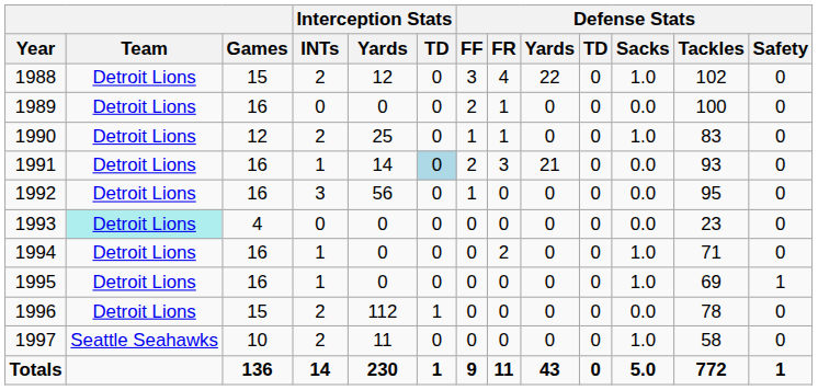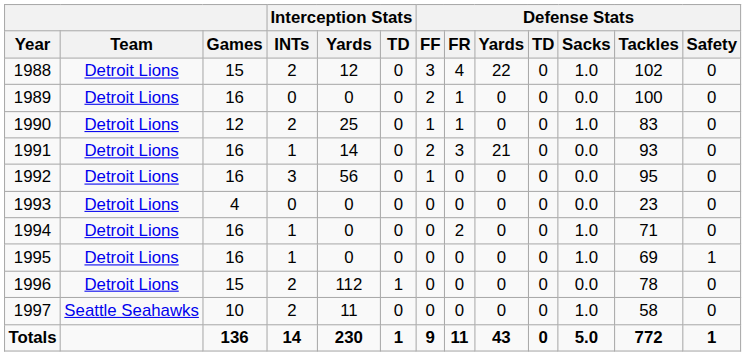 <table class="wikitable">
 <tr>
 <th colspan="3"></th>
 <th colspan="3" style="text-align:center;">Interception Stats</th>
 <th colspan="7" style="text-align:center;">Defense Stats</th>
 </tr>
 <tr>
 <th>Year</th>
 <th>Team</th>
 <th>Games</th>
 <th>INTs</th>
 <th>Yards</th>
 <th>TD</th>
 <th>FF</th>
 <th>FR</th>
 <th>Yards</th>
 <th>TD</th>
 <th>Sacks</th>
 <th>Tackles</th>
 <th>Safety</th>
 </tr>
 <tr style="text-align:center;">
 <td>1988</td>
 <td><a href='#'>Detroit Lions</a></td>
 <td>15</td>
 <td>2</td>
 <td>12</td>
 <td>0</td>
 <td>3</td>
 <td>4</td>
 <td>22</td>
 <td>0</td>
 <td>1.0</td>
 <td>102</td>
 <td>0</td>
 </tr>
 <tr style="text-align:center;">
 <td>1989</td>
 <td><a href='#'>Detroit Lions</a></td>
 <td>16</td>
 <td>0</td>
 <td>0</td>
 <td>0</td>
 <td>2</td>
 <td>1</td>
 <td>0</td>
 <td>0</td>
 <td>0.0</td>
 <td>100</td>
 <td>0</td>
 </tr>
 <tr style="text-align:center;">
 <td>1990</td>
 <td><a href='#'>Detroit Lions</a></td>
 <td>12</td>
 <td>2</td>
 <td>25</td>
 <td>0</td>
 <td>1</td>
 <td>1</td>
 <td>0</td>
 <td>0</td>
 <td>1.0</td>
 <td>83</td>
 <td>0</td>
 </tr>
 <tr style="text-align:center;">
 <td>1991</td>
 <td><a href='#'>Detroit Lions</a></td>
 <td>16</td>
 <td>1</td>
 <td>14</td>
-<td style="background: lightblue;">0</td>
+<td>0</td>
 <td>2</td>
 <td>3</td>
 <td>21</td>
 <td>0</td>
 <td>0.0</td>
 <td>93</td>
 <td>0</td>
 </tr>
 <tr style="text-align:center;">
 <td>1992</td>
 <td><a href='#'>Detroit Lions</a></td>
 <td>16</td>
 <td>3</td>
 <td>56</td>
 <td>0</td>
 <td>1</td>
 <td>0</td>
 <td>0</td>
 <td>0</td>
 <td>0.0</td>
 <td>95</td>
 <td>0</td>
 </tr>
 <tr style="text-align:center;">
 <td>1993</td>
-<td style="background: paleturquoise;"><a href='#'>Detroit Lions</a></td>
+<td><a href='#'>Detroit Lions</a></td>
 <td>4</td>
 <td>0</td>
 <td>0</td>
 <td>0</td>
 <td>0</td>
 <td>0</td>
 <td>0</td>
 <td>0</td>
 <td>0.0</td>
 <td>23</td>
 <td>0</td>
 </tr>
 <tr style="text-align:center;">
 <td>1994</td>
 <td><a href='#'>Detroit Lions</a></td>
 <td>16</td>
 <td>1</td>
 <td>0</td>
 <td>0</td>
 <td>0</td>
 <td>2</td>
 <td>0</td>
 <td>0</td>
 <td>1.0</td>
 <td>71</td>
 <td>0</td>
 </tr>
 <tr style="text-align:center;">
 <td>1995</td>
 <td><a href='#'>Detroit Lions</a></td>
 <td>16</td>
 <td>1</td>
 <td>0</td>
 <td>0</td>
 <td>0</td>
 <td>0</td>
 <td>0</td>
 <td>0</td>
 <td>1.0</td>
 <td>69</td>
 <td>1</td>
 </tr>
 <tr style="text-align:center;">
 <td>1996</td>
 <td><a href='#'>Detroit Lions</a></td>
 <td>15</td>
 <td>2</td>
 <td>112</td>
 <td>1</td>
 <td>0</td>
 <td>0</td>
 <td>0</td>
 <td>0</td>
 <td>0.0</td>
 <td>78</td>
 <td>0</td>
 </tr>
 <tr style="text-align:center;">
 <td>1997</td>
 <td><a href='#'>Seattle Seahawks</a></td>
 <td>10</td>
 <td>2</td>
 <td>11</td>
 <td>0</td>
 <td>0</td>
 <td>0</td>
 <td>0</td>
 <td>0</td>
 <td>1.0</td>
 <td>58</td>
 <td>0</td>
 </tr>
 <tr style="text-align:center;">
 <td><strong>Totals</strong></td>
 <td></td>
 <td><strong>136</strong></td>
 <td><strong>14</strong></td>
 <td><strong>230</strong></td>
 <td><strong>1</strong></td>
 <td><strong>9</strong></td>
 <td><strong>11</strong></td>
 <td><strong>43</strong></td>
 <td><strong>0</strong></td>
 <td><strong>5.0</strong></td>
 <td><strong>772</strong></td>
 <td><strong>1</strong></td>
 </tr>
 </table>
